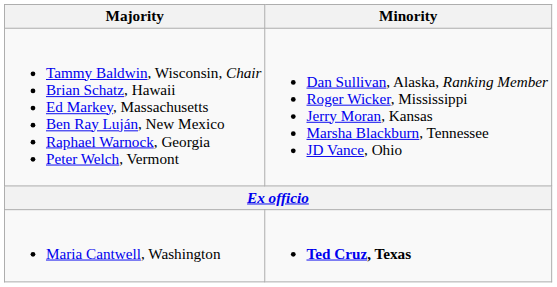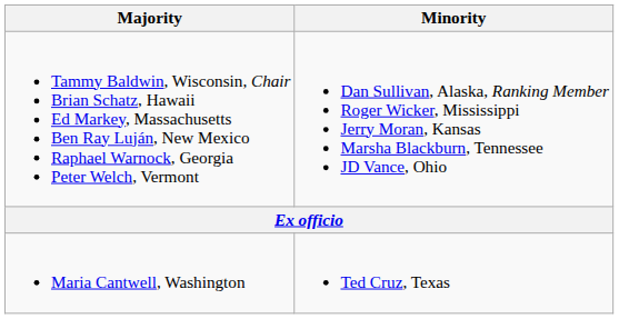 <table class=wikitable>
 <tr>
 <th>Majority</th>
 <th>Minority</th>
 </tr>
 <tr>
 <td><br><ul><li><a href='#'>Tammy Baldwin</a>, Wisconsin, <em>Chair</em></li><li><a href='#'>Brian Schatz</a>, Hawaii</li><li><a href='#'>Ed Markey</a>, Massachusetts</li><li><a href='#'>Ben Ray Luján</a>, New Mexico</li><li><a href='#'>Raphael Warnock</a>, Georgia</li><li><a href='#'>Peter Welch</a>, Vermont</li></ul></td>
 <td><br><ul><li><a href='#'>Dan Sullivan</a>, Alaska, <em>Ranking Member</em></li><li><a href='#'>Roger Wicker</a>, Mississippi</li><li><a href='#'>Jerry Moran</a>, Kansas</li><li><a href='#'>Marsha Blackburn</a>, Tennessee</li><li><a href='#'>JD Vance</a>, Ohio</li></ul></td>
 </tr>
 <tr>
 <th colspan=2><em><a href='#'>Ex officio</a></em></th>
 </tr>
 <tr>
 <td><br><ul><li><a href='#'>Maria Cantwell</a>, Washington</li></ul></td>
-<td><strong><br><ul><li><a href='#'>Ted Cruz</a>, Texas</li></ul></strong></td>
+<td><br><ul><li><a href='#'>Ted Cruz</a>, Texas</li></ul></td>
 </tr>
 </table>
